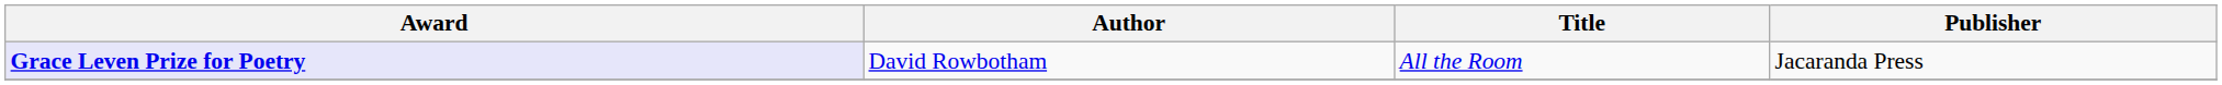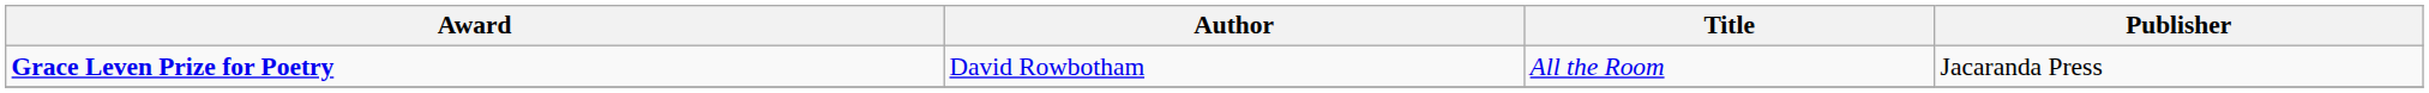 <table class="wikitable" width=95%>
 <tr>
 <th>Award</th>
 <th>Author</th>
 <th>Title</th>
 <th>Publisher</th>
 </tr>
 <tr>
-<td style="background: lavender;"><strong><a href='#'>Grace Leven Prize for Poetry</a></strong></td>
+<td><strong><a href='#'>Grace Leven Prize for Poetry</a></strong></td>
 <td><a href='#'>David Rowbotham</a></td>
 <td><em><a href='#'>All the Room</a></em></td>
 <td>Jacaranda Press</td>
 </tr>
 <tr>
 </tr>
 </table>
